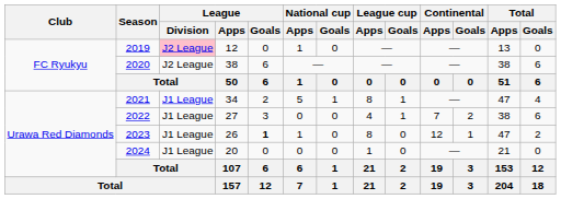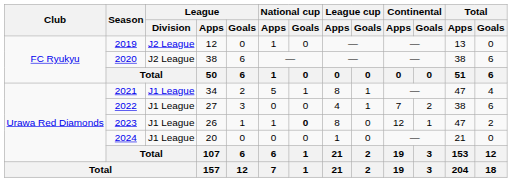 <table class="wikitable" style="text-align:center;">
 <tr>
 <th rowspan=2>Club</th>
 <th rowspan=2>Season</th>
 <th colspan=3>League</th>
 <th colspan=2>National cup</th>
 <th colspan=2>League cup</th>
 <th colspan=2>Continental</th>
 <th colspan=2>Total</th>
 </tr>
 <tr>
 <th>Division</th>
 <th>Apps</th>
 <th>Goals</th>
 <th>Apps</th>
 <th>Goals</th>
 <th>Apps</th>
 <th>Goals</th>
 <th>Apps</th>
 <th>Goals</th>
 <th>Apps</th>
 <th>Goals</th>
 </tr>
 <tr>
 <td rowspan="3"><a href='#'>FC Ryukyu</a></td>
 <td><a href='#'>2019</a></td>
-<td style="background: pink;"><a href='#'>J2 League</a></td>
+<td><a href='#'>J2 League</a></td>
 <td>12</td>
 <td>0</td>
 <td>1</td>
 <td>0</td>
 <td colspan="2">—</td>
 <td colspan="2">—</td>
 <td>13</td>
 <td>0</td>
 </tr>
 <tr>
 <td><a href='#'>2020</a></td>
 <td>J2 League</td>
 <td>38</td>
 <td>6</td>
 <td colspan="2">—</td>
 <td colspan="2">—</td>
 <td colspan="2">—</td>
 <td>38</td>
 <td>6</td>
 </tr>
 <tr>
 <th colspan="2">Total</th>
 <th>50</th>
 <th>6</th>
 <th>1</th>
 <th>0</th>
 <th>0</th>
 <th>0</th>
 <th>0</th>
 <th>0</th>
 <th>51</th>
 <th>6</th>
 </tr>
 <tr>
 <td rowspan="5"><a href='#'>Urawa Red Diamonds</a></td>
 <td><a href='#'>2021</a></td>
 <td><a href='#'>J1 League</a></td>
 <td>34</td>
 <td>2</td>
 <td>5</td>
 <td>1</td>
 <td>8</td>
 <td>1</td>
 <td colspan="2">—</td>
 <td>47</td>
 <td>4</td>
 </tr>
 <tr>
 <td><a href='#'>2022</a></td>
 <td>J1 League</td>
 <td>27</td>
 <td>3</td>
 <td>0</td>
 <td>0</td>
 <td>4</td>
 <td>1</td>
 <td>7</td>
 <td>2</td>
 <td>38</td>
 <td>6</td>
 </tr>
 <tr>
 <td><a href='#'>2023</a></td>
 <td>J1 League</td>
 <td>26</td>
-<td><strong>1</strong></td>
 <td>1</td>
-<td>0</td>
+<td>1</td>
+<td><strong>0</strong></td>
 <td>8</td>
 <td>0</td>
 <td>12</td>
 <td>1</td>
 <td>47</td>
 <td>2</td>
 </tr>
 <tr>
 <td><a href='#'>2024</a></td>
 <td>J1 League</td>
 <td>20</td>
 <td>0</td>
 <td>0</td>
 <td>0</td>
 <td>1</td>
 <td>0</td>
 <td colspan="2">—</td>
 <td>21</td>
 <td>0</td>
 </tr>
 <tr>
 <th colspan="2">Total</th>
 <th>107</th>
 <th>6</th>
 <th>6</th>
 <th>1</th>
 <th>21</th>
 <th>2</th>
 <th>19</th>
 <th>3</th>
 <th>153</th>
 <th>12</th>
 </tr>
 <tr>
 <th colspan=3>Total</th>
 <th>157</th>
 <th>12</th>
 <th>7</th>
 <th>1</th>
 <th>21</th>
 <th>2</th>
 <th>19</th>
 <th>3</th>
 <th>204</th>
 <th>18</th>
 </tr>
 </table>
